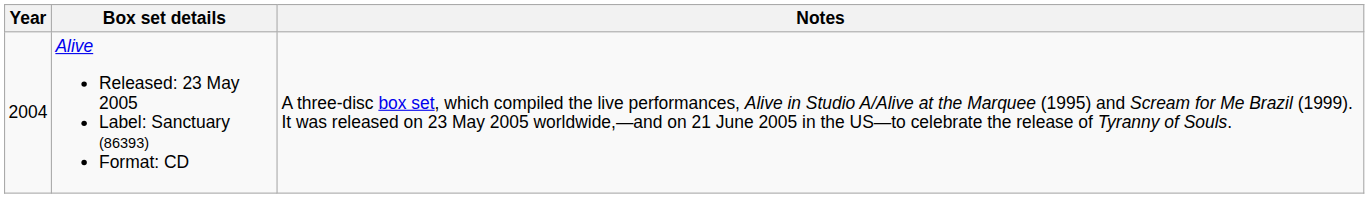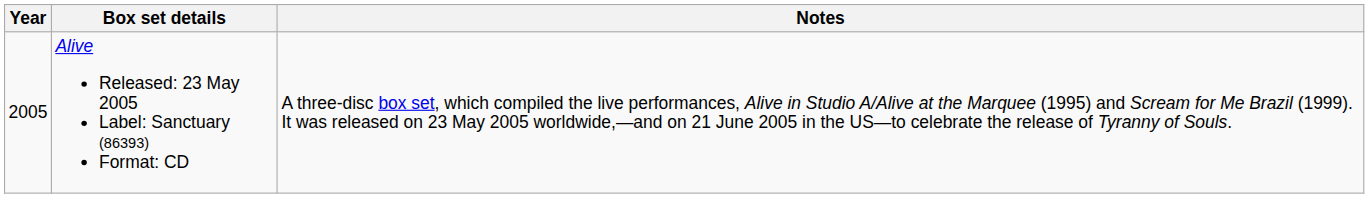 <table class="wikitable" border="1">
 <tr>
 <th width="35">Year</th>
 <th width="200">Box set details</th>
 <th>Notes</th>
 </tr>
 <tr>
-<td>2004</td>
+<td>2005</td>
 <td><em><a href='#'>Alive</a></em><br><ul><li>Released: 23 May 2005</li><li>Label: Sanctuary <small>(86393)</small></li><li>Format: CD</li></ul></td>
 <td>A three-disc <a href='#'>box set</a>, which compiled the live performances, <em>Alive in Studio A/Alive at the Marquee</em> (1995) and <em>Scream for Me Brazil</em> (1999). It was released on 23 May 2005 worldwide,—and on 21 June 2005 in the US—to celebrate the release of <em>Tyranny of Souls</em>.</td>
 </tr>
 </table>
